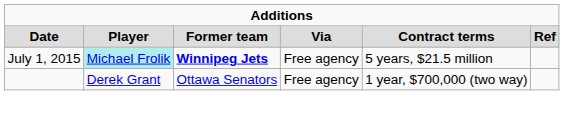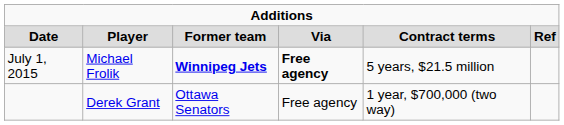 <table class="wikitable" style="font-size: 95%; width:100%;">
 <tr>
 <td colspan="15" style="text-align:center;"><strong>Additions</strong></td>
 </tr>
 <tr style="text-align:center; background:#ddd;">
 <td><strong>Date</strong></td>
 <td><strong>Player</strong></td>
 <td><strong>Former team</strong></td>
 <td><strong>Via</strong></td>
 <td><strong>Contract terms</strong></td>
 <td><strong>Ref</strong></td>
 </tr>
 <tr>
 <td>July 1, 2015</td>
-<td style="background: paleturquoise;"><a href='#'>Michael Frolik</a></td>
+<td><a href='#'>Michael Frolik</a></td>
 <td><strong><a href='#'>Winnipeg Jets</a></strong></td>
-<td>Free agency</td>
+<td><strong>Free agency</strong></td>
 <td>5 years, $21.5 million</td>
 <td></td>
 </tr>
 <tr>
 <td></td>
 <td><a href='#'>Derek Grant</a></td>
 <td><a href='#'>Ottawa Senators</a></td>
 <td>Free agency</td>
 <td>1 year, $700,000 (two way)</td>
 <td></td>
 </tr>
 </table>
